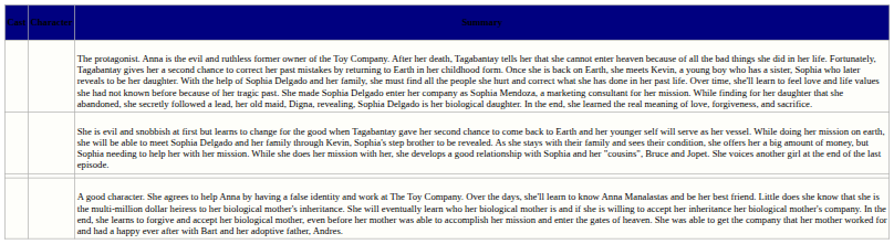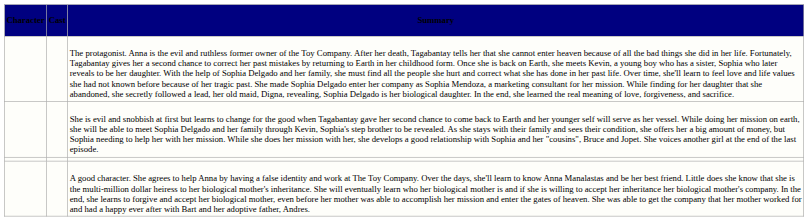 <table class="wikitable" style=" background:#FEFEFA; font-size: 85%;">
 <tr>
+<th style="background:#000080; "><p>Character</p></th>
 <th style="background:#000080 ;"><p>Cast</p></th>
-<th style="background:#000080; "><p>Character</p></th>
 <th style="background:#000080 ;"><p>Summary</p></th>
 </tr>
 <tr>
 <td></td>
 <td></td>
 <td><br>The protagonist. Anna is the evil and ruthless former owner of the Toy Company. After her death, Tagabantay tells her that she cannot enter heaven because of all the bad things she did in her life. Fortunately, Tagabantay gives her a second chance to correct her past mistakes by returning to Earth in her childhood form. Once she is back on Earth, she meets Kevin, a young boy who has a sister, Sophia who later reveals to be her daughter. With the help of Sophia Delgado and her family, she must find all the people she hurt and correct what she has done in her past life. Over time, she'll learn to feel love and life values she had not known before because of her tragic past. She made Sophia Delgado enter her company as Sophia Mendoza, a marketing consultant for her mission. While finding for her daughter that she abandoned, she secretly followed a lead, her old maid, Digna, revealing, Sophia Delgado is her biological daughter. In the end, she learned the real meaning of love, forgiveness, and sacrifice.</td>
 </tr>
 <tr>
 <td></td>
 <td></td>
 <td><br>She is evil and snobbish at first but learns to change for the good when Tagabantay gave her second chance to come back to Earth and her younger self will serve as her vessel. While doing her mission on earth, she will be able to meet Sophia Delgado and her family through Kevin, Sophia's step brother to be revealed. As she stays with their family and sees their condition, she offers her a big amount of money, but Sophia needing to help her with her mission. While she does her mission with her, she develops a good relationship with Sophia and her "cousins", Bruce and Jopet. She voices another girl at the end of the last episode.</td>
 </tr>
 <tr>
 <td></td>
 <td></td>
 <td></td>
 </tr>
 <tr>
 <td></td>
 <td></td>
 <td><br>A good character. She agrees to help Anna by having a false identity and work at The Toy Company. Over the days, she'll learn to know Anna Manalastas and be her best friend. Little does she know that she is the multi-million dollar heiress to her biological mother's inheritance. She will eventually learn who her biological mother is and if she is willing to accept her inheritance her biological mother's company. In the end, she learns to forgive and accept her biological mother, even before her mother was able to accomplish her mission and enter the gates of heaven. She was able to get the company that her mother worked for and had a happy ever after with Bart and her adoptive father, Andres.</td>
 </tr>
 </table>
